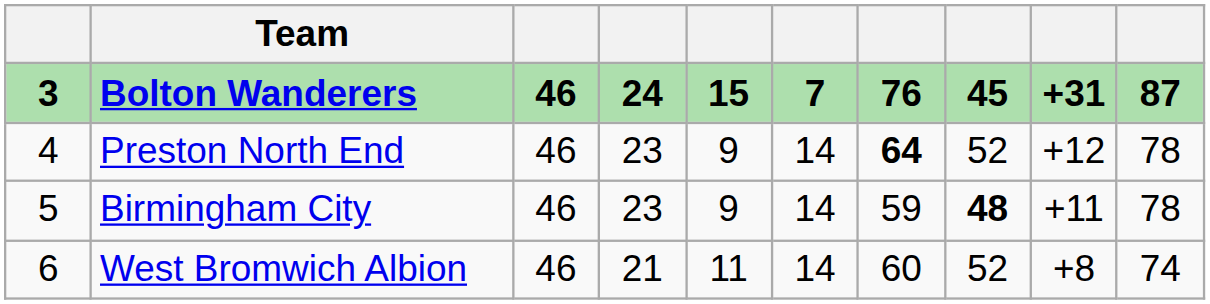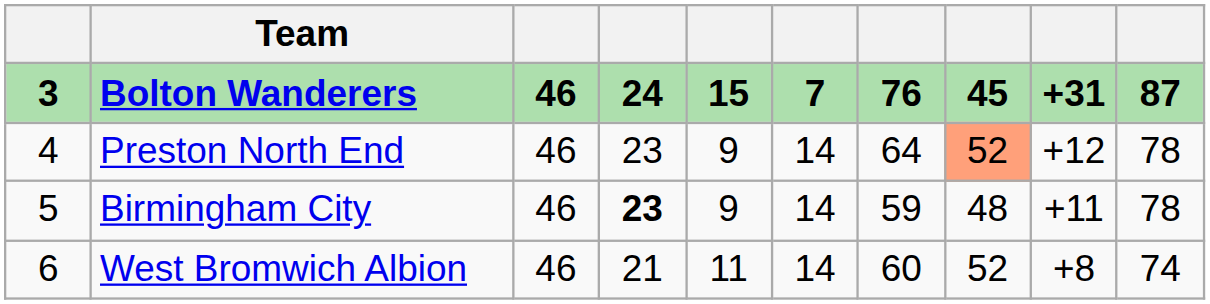 <table class="wikitable" style="text-align:center">
 <tr>
 <th width="30"></th>
 <th width="175">Team</th>
 <th width="30"></th>
 <th width="30"></th>
 <th width="30"></th>
 <th width="30"></th>
 <th width="30"></th>
 <th width="30"></th>
 <th width="30"></th>
 <th width="30"></th>
 </tr>
 <tr bgcolor=#ADDFAD>
 <td><strong>3</strong></td>
 <td align=left><strong><a href='#'>Bolton Wanderers</a></strong></td>
 <td><strong>46</strong></td>
 <td><strong>24</strong></td>
 <td><strong>15</strong></td>
 <td><strong>7</strong></td>
 <td><strong>76</strong></td>
 <td><strong>45</strong></td>
 <td><strong>+31</strong></td>
 <td><strong>87</strong></td>
 </tr>
 <tr>
 <td>4</td>
 <td align=left><a href='#'>Preston North End</a></td>
 <td>46</td>
 <td>23</td>
 <td>9</td>
 <td>14</td>
-<td><strong>64</strong></td>
-<td>52</td>
+<td>64</td>
+<td style="background: lightsalmon;">52</td>
 <td>+12</td>
 <td>78</td>
 </tr>
 <tr>
 <td>5</td>
 <td align=left><a href='#'>Birmingham City</a></td>
 <td>46</td>
-<td>23</td>
+<td><strong>23</strong></td>
 <td>9</td>
 <td>14</td>
 <td>59</td>
-<td><strong>48</strong></td>
+<td>48</td>
 <td>+11</td>
 <td>78</td>
 </tr>
 <tr>
 <td>6</td>
 <td align=left><a href='#'>West Bromwich Albion</a></td>
 <td>46</td>
 <td>21</td>
 <td>11</td>
 <td>14</td>
 <td>60</td>
 <td>52</td>
 <td>+8</td>
 <td>74</td>
 </tr>
 </table>
